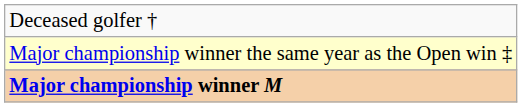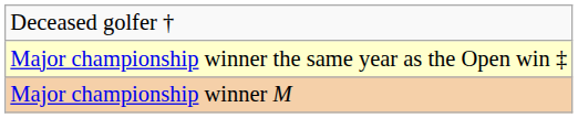 <table class="wikitable">
 <tr>
 <td>Deceased golfer †</td>
 </tr>
 <tr>
 <td style="background:#ffc;"><a href='#'>Major championship</a> winner the same year as the Open win ‡</td>
 </tr>
 <tr>
-<td style="background: #F5D0A9"><strong><a href='#'>Major championship</a> winner <em>M</em></strong></td>
+<td style="background: #F5D0A9"><a href='#'>Major championship</a> winner <em>M</em></td>
 </tr>
 </table>
